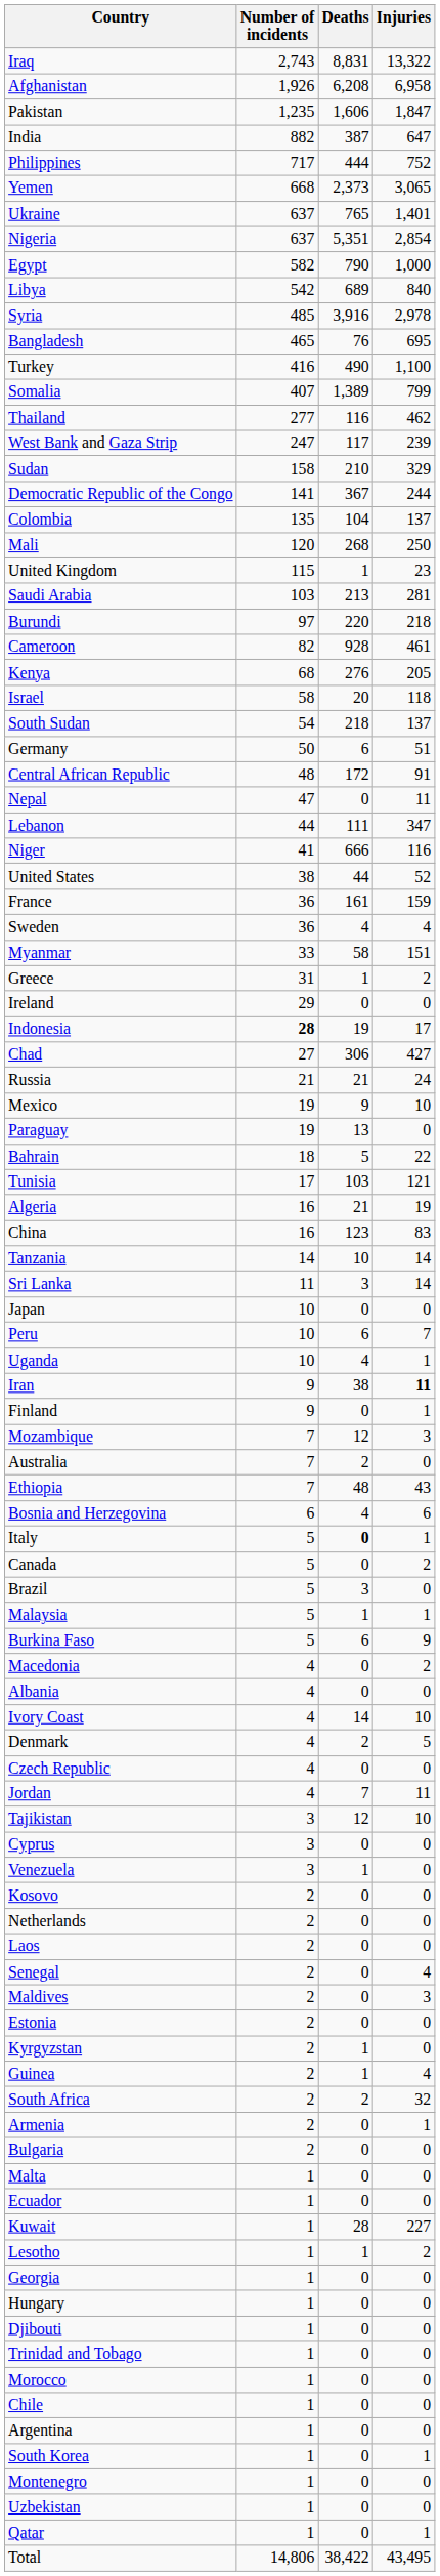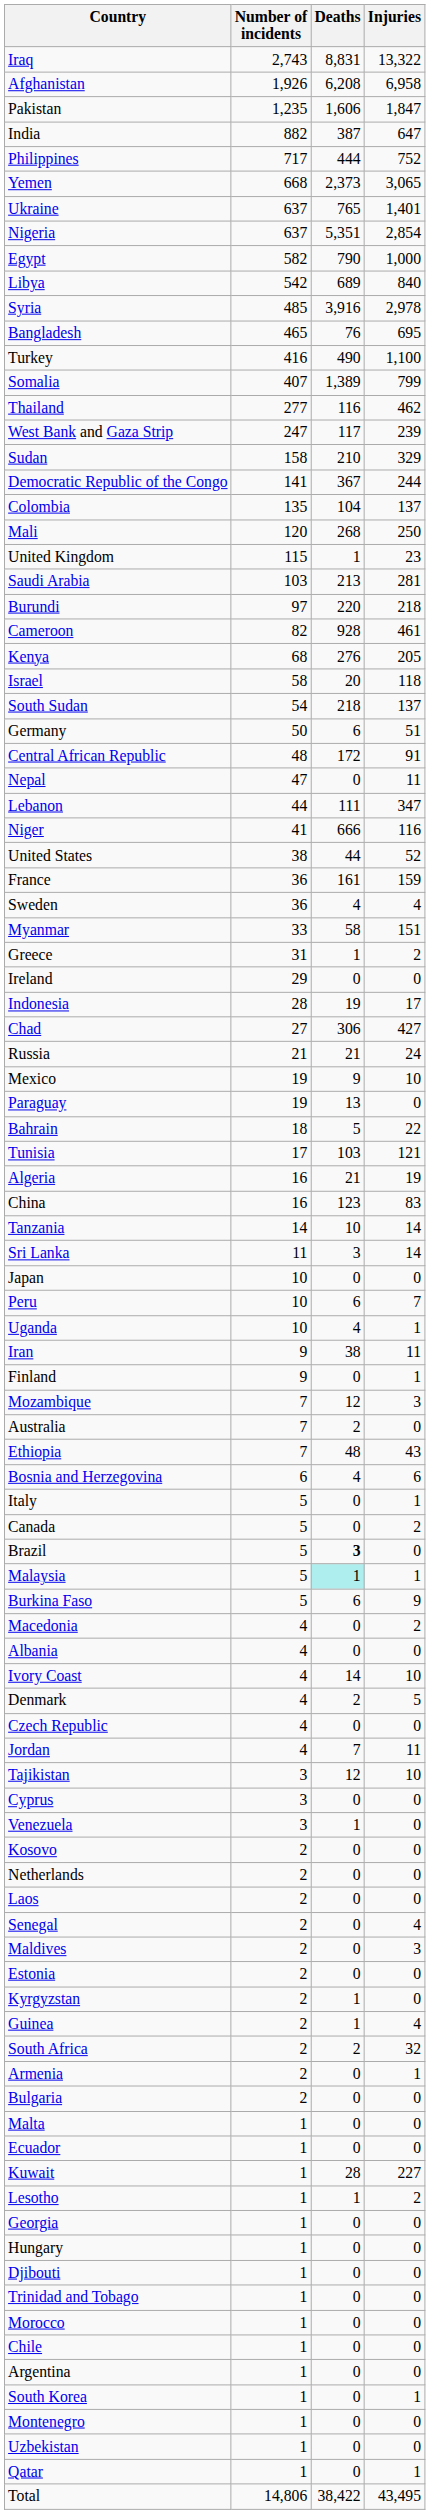 <table class="wikitable collapsible collapsed floatright" style="text-align:right">
 <tr style="background:#ececec; vertical-align:top;">
 <th>Country</th>
 <th>Number of<br>incidents</th>
 <th>Deaths</th>
 <th>Injuries</th>
 </tr>
 <tr>
 <td align=left><a href='#'>Iraq</a></td>
 <td>2,743</td>
 <td>8,831</td>
 <td>13,322</td>
 </tr>
 <tr>
 <td align=left><a href='#'>Afghanistan</a></td>
 <td>1,926</td>
 <td>6,208</td>
 <td>6,958</td>
 </tr>
 <tr>
 <td align=left>Pakistan</td>
 <td>1,235</td>
 <td>1,606</td>
 <td>1,847</td>
 </tr>
 <tr>
 <td align=left>India</td>
 <td>882</td>
 <td>387</td>
 <td>647</td>
 </tr>
 <tr>
 <td align=left><a href='#'>Philippines</a></td>
 <td>717</td>
 <td>444</td>
 <td>752</td>
 </tr>
 <tr>
 <td align=left><a href='#'>Yemen</a></td>
 <td>668</td>
 <td>2,373</td>
 <td>3,065</td>
 </tr>
 <tr>
 <td align=left><a href='#'>Ukraine</a></td>
 <td>637</td>
 <td>765</td>
 <td>1,401</td>
 </tr>
 <tr>
 <td align=left><a href='#'>Nigeria</a></td>
 <td>637</td>
 <td>5,351</td>
 <td>2,854</td>
 </tr>
 <tr>
 <td align=left><a href='#'>Egypt</a></td>
 <td>582</td>
 <td>790</td>
 <td>1,000</td>
 </tr>
 <tr>
 <td align=left><a href='#'>Libya</a></td>
 <td>542</td>
 <td>689</td>
 <td>840</td>
 </tr>
 <tr>
 <td align=left><a href='#'>Syria</a></td>
 <td>485</td>
 <td>3,916</td>
 <td>2,978</td>
 </tr>
 <tr>
 <td align=left><a href='#'>Bangladesh</a></td>
 <td>465</td>
 <td>76</td>
 <td>695</td>
 </tr>
 <tr>
 <td align=left>Turkey</td>
 <td>416</td>
 <td>490</td>
 <td>1,100</td>
 </tr>
 <tr>
 <td align=left><a href='#'>Somalia</a></td>
 <td>407</td>
 <td>1,389</td>
 <td>799</td>
 </tr>
 <tr>
 <td align=left><a href='#'>Thailand</a></td>
 <td>277</td>
 <td>116</td>
 <td>462</td>
 </tr>
 <tr>
 <td align=left><a href='#'>West Bank</a> and <a href='#'>Gaza Strip</a></td>
 <td>247</td>
 <td>117</td>
 <td>239</td>
 </tr>
 <tr>
 <td align=left><a href='#'>Sudan</a></td>
 <td>158</td>
 <td>210</td>
 <td>329</td>
 </tr>
 <tr>
 <td align=left><a href='#'>Democratic Republic of the Congo</a></td>
 <td>141</td>
 <td>367</td>
 <td>244</td>
 </tr>
 <tr>
 <td align=left><a href='#'>Colombia</a></td>
 <td>135</td>
 <td>104</td>
 <td>137</td>
 </tr>
 <tr>
 <td align=left><a href='#'>Mali</a></td>
 <td>120</td>
 <td>268</td>
 <td>250</td>
 </tr>
 <tr>
 <td align=left>United Kingdom</td>
 <td>115</td>
 <td>1</td>
 <td>23</td>
 </tr>
 <tr>
 <td align=left><a href='#'>Saudi Arabia</a></td>
 <td>103</td>
 <td>213</td>
 <td>281</td>
 </tr>
 <tr>
 <td align=left><a href='#'>Burundi</a></td>
 <td>97</td>
 <td>220</td>
 <td>218</td>
 </tr>
 <tr>
 <td align=left><a href='#'>Cameroon</a></td>
 <td>82</td>
 <td>928</td>
 <td>461</td>
 </tr>
 <tr>
 <td align=left><a href='#'>Kenya</a></td>
 <td>68</td>
 <td>276</td>
 <td>205</td>
 </tr>
 <tr>
 <td align=left><a href='#'>Israel</a></td>
 <td>58</td>
 <td>20</td>
 <td>118</td>
 </tr>
 <tr>
 <td align=left><a href='#'>South Sudan</a></td>
 <td>54</td>
 <td>218</td>
 <td>137</td>
 </tr>
 <tr>
 <td align=left>Germany</td>
 <td>50</td>
 <td>6</td>
 <td>51</td>
 </tr>
 <tr>
 <td align=left><a href='#'>Central African Republic</a></td>
 <td>48</td>
 <td>172</td>
 <td>91</td>
 </tr>
 <tr>
 <td align=left><a href='#'>Nepal</a></td>
 <td>47</td>
 <td>0</td>
 <td>11</td>
 </tr>
 <tr>
 <td align=left><a href='#'>Lebanon</a></td>
 <td>44</td>
 <td>111</td>
 <td>347</td>
 </tr>
 <tr>
 <td align=left><a href='#'>Niger</a></td>
 <td>41</td>
 <td>666</td>
 <td>116</td>
 </tr>
 <tr>
 <td align=left>United States</td>
 <td>38</td>
 <td>44</td>
 <td>52</td>
 </tr>
 <tr>
 <td align=left>France</td>
 <td>36</td>
 <td>161</td>
 <td>159</td>
 </tr>
 <tr>
 <td align=left>Sweden</td>
 <td>36</td>
 <td>4</td>
 <td>4</td>
 </tr>
 <tr>
 <td align=left><a href='#'>Myanmar</a></td>
 <td>33</td>
 <td>58</td>
 <td>151</td>
 </tr>
 <tr>
 <td align=left>Greece</td>
 <td>31</td>
 <td>1</td>
 <td>2</td>
 </tr>
 <tr>
 <td align=left>Ireland</td>
 <td>29</td>
 <td>0</td>
 <td>0</td>
 </tr>
 <tr>
 <td align=left><a href='#'>Indonesia</a></td>
-<td><strong>28</strong></td>
+<td>28</td>
 <td>19</td>
 <td>17</td>
 </tr>
 <tr>
 <td align=left><a href='#'>Chad</a></td>
 <td>27</td>
 <td>306</td>
 <td>427</td>
 </tr>
 <tr>
 <td align=left>Russia</td>
 <td>21</td>
 <td>21</td>
 <td>24</td>
 </tr>
 <tr>
 <td align=left>Mexico</td>
 <td>19</td>
 <td>9</td>
 <td>10</td>
 </tr>
 <tr>
 <td align=left><a href='#'>Paraguay</a></td>
 <td>19</td>
 <td>13</td>
 <td>0</td>
 </tr>
 <tr>
 <td align=left><a href='#'>Bahrain</a></td>
 <td>18</td>
 <td>5</td>
 <td>22</td>
 </tr>
 <tr>
 <td align=left><a href='#'>Tunisia</a></td>
 <td>17</td>
 <td>103</td>
 <td>121</td>
 </tr>
 <tr>
 <td align=left><a href='#'>Algeria</a></td>
 <td>16</td>
 <td>21</td>
 <td>19</td>
 </tr>
 <tr>
 <td align=left>China</td>
 <td>16</td>
 <td>123</td>
 <td>83</td>
 </tr>
 <tr>
 <td align=left><a href='#'>Tanzania</a></td>
 <td>14</td>
 <td>10</td>
 <td>14</td>
 </tr>
 <tr>
 <td align=left><a href='#'>Sri Lanka</a></td>
 <td>11</td>
 <td>3</td>
 <td>14</td>
 </tr>
 <tr>
 <td align=left>Japan</td>
 <td>10</td>
 <td>0</td>
 <td>0</td>
 </tr>
 <tr>
 <td align=left><a href='#'>Peru</a></td>
 <td>10</td>
 <td>6</td>
 <td>7</td>
 </tr>
 <tr>
 <td align=left><a href='#'>Uganda</a></td>
 <td>10</td>
 <td>4</td>
 <td>1</td>
 </tr>
 <tr>
 <td align=left><a href='#'>Iran</a></td>
 <td>9</td>
 <td>38</td>
-<td><strong>11</strong></td>
+<td>11</td>
 </tr>
 <tr>
 <td align=left>Finland</td>
 <td>9</td>
 <td>0</td>
 <td>1</td>
 </tr>
 <tr>
 <td align=left><a href='#'>Mozambique</a></td>
 <td>7</td>
 <td>12</td>
 <td>3</td>
 </tr>
 <tr>
 <td align=left>Australia</td>
 <td>7</td>
 <td>2</td>
 <td>0</td>
 </tr>
 <tr>
 <td align=left><a href='#'>Ethiopia</a></td>
 <td>7</td>
 <td>48</td>
 <td>43</td>
 </tr>
 <tr>
 <td align=left><a href='#'>Bosnia and Herzegovina</a></td>
 <td>6</td>
 <td>4</td>
 <td>6</td>
 </tr>
 <tr>
 <td align=left>Italy</td>
 <td>5</td>
-<td><strong>0</strong></td>
+<td>0</td>
 <td>1</td>
 </tr>
 <tr>
 <td align=left>Canada</td>
 <td>5</td>
 <td>0</td>
 <td>2</td>
 </tr>
 <tr>
 <td align=left>Brazil</td>
 <td>5</td>
-<td>3</td>
+<td><strong>3</strong></td>
 <td>0</td>
 </tr>
 <tr>
 <td align=left><a href='#'>Malaysia</a></td>
 <td>5</td>
-<td>1</td>
+<td style="background: paleturquoise;">1</td>
 <td>1</td>
 </tr>
 <tr>
 <td align=left><a href='#'>Burkina Faso</a></td>
 <td>5</td>
 <td>6</td>
 <td>9</td>
 </tr>
 <tr>
 <td align=left><a href='#'>Macedonia</a></td>
 <td>4</td>
 <td>0</td>
 <td>2</td>
 </tr>
 <tr>
 <td align=left><a href='#'>Albania</a></td>
 <td>4</td>
 <td>0</td>
 <td>0</td>
 </tr>
 <tr>
 <td align=left><a href='#'>Ivory Coast</a></td>
 <td>4</td>
 <td>14</td>
 <td>10</td>
 </tr>
 <tr>
 <td align=left>Denmark</td>
 <td>4</td>
 <td>2</td>
 <td>5</td>
 </tr>
 <tr>
 <td align=left><a href='#'>Czech Republic</a></td>
 <td>4</td>
 <td>0</td>
 <td>0</td>
 </tr>
 <tr>
 <td align=left><a href='#'>Jordan</a></td>
 <td>4</td>
 <td>7</td>
 <td>11</td>
 </tr>
 <tr>
 <td align=left><a href='#'>Tajikistan</a></td>
 <td>3</td>
 <td>12</td>
 <td>10</td>
 </tr>
 <tr>
 <td align=left><a href='#'>Cyprus</a></td>
 <td>3</td>
 <td>0</td>
 <td>0</td>
 </tr>
 <tr>
 <td align=left><a href='#'>Venezuela</a></td>
 <td>3</td>
 <td>1</td>
 <td>0</td>
 </tr>
 <tr>
 <td align=left><a href='#'>Kosovo</a></td>
 <td>2</td>
 <td>0</td>
 <td>0</td>
 </tr>
 <tr>
 <td align=left>Netherlands</td>
 <td>2</td>
 <td>0</td>
 <td>0</td>
 </tr>
 <tr>
 <td align=left><a href='#'>Laos</a></td>
 <td>2</td>
 <td>0</td>
 <td>0</td>
 </tr>
 <tr>
 <td align=left><a href='#'>Senegal</a></td>
 <td>2</td>
 <td>0</td>
 <td>4</td>
 </tr>
 <tr>
 <td align=left><a href='#'>Maldives</a></td>
 <td>2</td>
 <td>0</td>
 <td>3</td>
 </tr>
 <tr>
 <td align=left><a href='#'>Estonia</a></td>
 <td>2</td>
 <td>0</td>
 <td>0</td>
 </tr>
 <tr>
 <td align=left><a href='#'>Kyrgyzstan</a></td>
 <td>2</td>
 <td>1</td>
 <td>0</td>
 </tr>
 <tr>
 <td align=left><a href='#'>Guinea</a></td>
 <td>2</td>
 <td>1</td>
 <td>4</td>
 </tr>
 <tr>
 <td align=left><a href='#'>South Africa</a></td>
 <td>2</td>
 <td>2</td>
 <td>32</td>
 </tr>
 <tr>
 <td align=left><a href='#'>Armenia</a></td>
 <td>2</td>
 <td>0</td>
 <td>1</td>
 </tr>
 <tr>
 <td align=left><a href='#'>Bulgaria</a></td>
 <td>2</td>
 <td>0</td>
 <td>0</td>
 </tr>
 <tr>
 <td align=left><a href='#'>Malta</a></td>
 <td>1</td>
 <td>0</td>
 <td>0</td>
 </tr>
 <tr>
 <td align=left><a href='#'>Ecuador</a></td>
 <td>1</td>
 <td>0</td>
 <td>0</td>
 </tr>
 <tr>
 <td align=left><a href='#'>Kuwait</a></td>
 <td>1</td>
 <td>28</td>
 <td>227</td>
 </tr>
 <tr>
 <td align=left><a href='#'>Lesotho</a></td>
 <td>1</td>
 <td>1</td>
 <td>2</td>
 </tr>
 <tr>
 <td align=left><a href='#'>Georgia</a></td>
 <td>1</td>
 <td>0</td>
 <td>0</td>
 </tr>
 <tr>
 <td align=left>Hungary</td>
 <td>1</td>
 <td>0</td>
 <td>0</td>
 </tr>
 <tr>
 <td align=left><a href='#'>Djibouti</a></td>
 <td>1</td>
 <td>0</td>
 <td>0</td>
 </tr>
 <tr>
 <td align=left><a href='#'>Trinidad and Tobago</a></td>
 <td>1</td>
 <td>0</td>
 <td>0</td>
 </tr>
 <tr>
 <td align=left><a href='#'>Morocco</a></td>
 <td>1</td>
 <td>0</td>
 <td>0</td>
 </tr>
 <tr>
 <td align=left><a href='#'>Chile</a></td>
 <td>1</td>
 <td>0</td>
 <td>0</td>
 </tr>
 <tr>
 <td align=left>Argentina</td>
 <td>1</td>
 <td>0</td>
 <td>0</td>
 </tr>
 <tr>
 <td align=left><a href='#'>South Korea</a></td>
 <td>1</td>
 <td>0</td>
 <td>1</td>
 </tr>
 <tr>
 <td align=left><a href='#'>Montenegro</a></td>
 <td>1</td>
 <td>0</td>
 <td>0</td>
 </tr>
 <tr>
 <td align=left><a href='#'>Uzbekistan</a></td>
 <td>1</td>
 <td>0</td>
 <td>0</td>
 </tr>
 <tr>
 <td align=left><a href='#'>Qatar</a></td>
 <td>1</td>
 <td>0</td>
 <td>1</td>
 </tr>
 <tr>
 <td align=left>Total</td>
 <td>14,806</td>
 <td>38,422</td>
 <td>43,495</td>
 </tr>
 </table>
